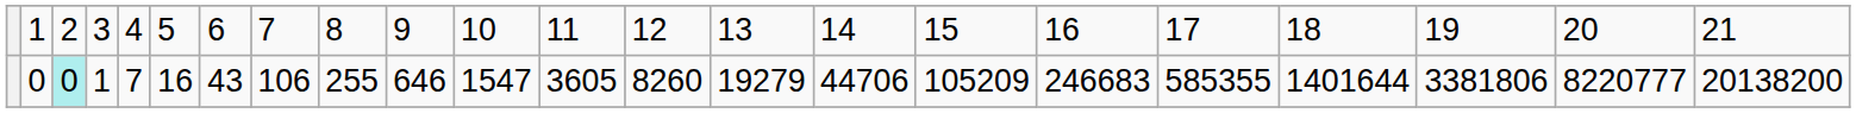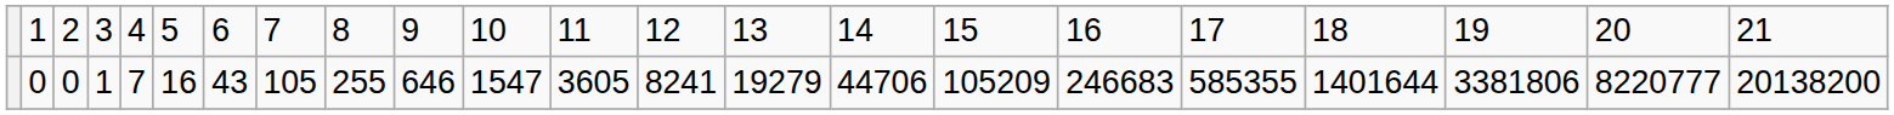 <table class="wikitable" style="margin:1em auto;">
 <tr>
 <th></th>
 <td>1</td>
 <td>2</td>
 <td>3</td>
 <td>4</td>
 <td>5</td>
 <td>6</td>
 <td>7</td>
 <td>8</td>
 <td>9</td>
 <td>10</td>
 <td>11</td>
 <td>12</td>
 <td>13</td>
 <td>14</td>
 <td>15</td>
 <td>16</td>
 <td>17</td>
 <td>18</td>
 <td>19</td>
 <td>20</td>
 <td>21</td>
 </tr>
 <tr>
 <th></th>
 <td>0</td>
-<td style="background: paleturquoise;">0</td>
+<td>0</td>
 <td>1</td>
 <td>7</td>
 <td>16</td>
 <td>43</td>
-<td>106</td>
+<td>105</td>
 <td>255</td>
 <td>646</td>
 <td>1547</td>
 <td>3605</td>
-<td>8260</td>
+<td>8241</td>
 <td>19279</td>
 <td>44706</td>
 <td>105209</td>
 <td>246683</td>
 <td>585355</td>
 <td>1401644</td>
 <td>3381806</td>
 <td>8220777</td>
 <td>20138200</td>
 </tr>
 </table>
